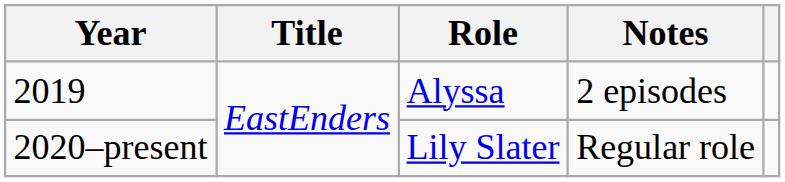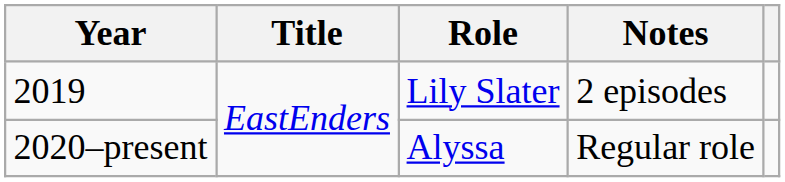 <table class="wikitable sortable">
 <tr>
 <th>Year</th>
 <th>Title</th>
 <th>Role</th>
 <th>Notes</th>
 <th></th>
 </tr>
 <tr>
 <td>2019</td>
 <td rowspan="2"><em><a href='#'>EastEnders</a></em></td>
-<td><a href='#'>Alyssa</a></td>
+<td><a href='#'>Lily Slater</a></td>
 <td>2 episodes</td>
 <td align="center"></td>
 </tr>
 <tr>
 <td>2020–present</td>
-<td><a href='#'>Lily Slater</a></td>
+<td><a href='#'>Alyssa</a></td>
 <td>Regular role</td>
 <td align="center"></td>
 </tr>
 </table>
